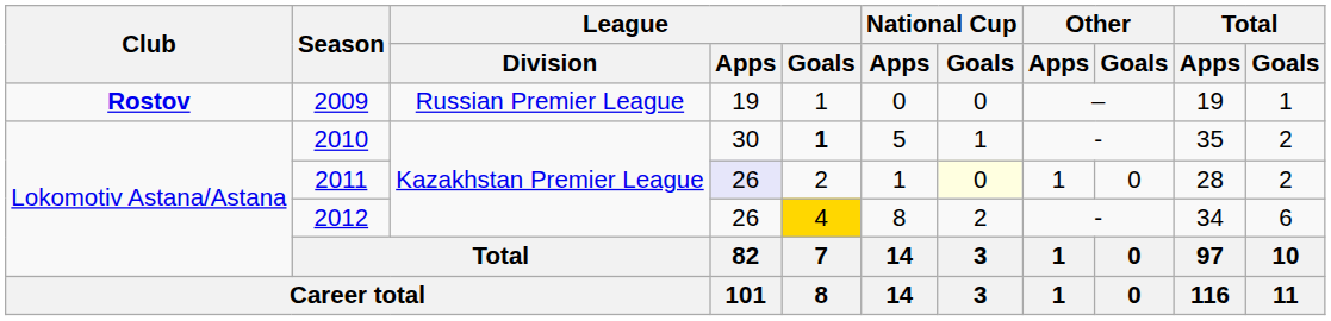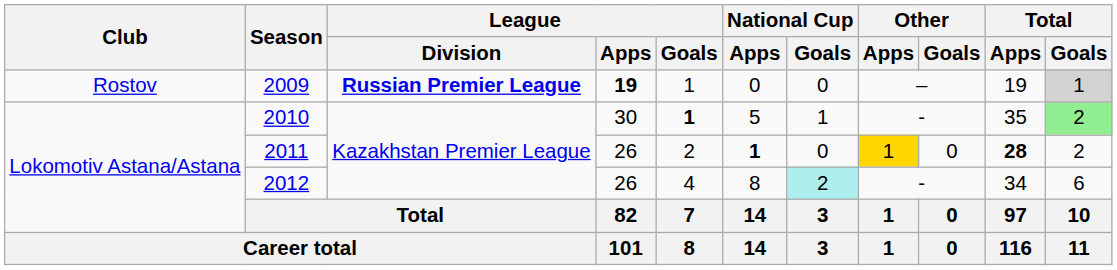 <table class="wikitable" style="text-align: center;">
 <tr>
 <th rowspan="2">Club</th>
 <th rowspan="2">Season</th>
 <th colspan="3">League</th>
 <th colspan="2">National Cup</th>
 <th colspan="2">Other</th>
 <th colspan="2">Total</th>
 </tr>
 <tr>
 <th>Division</th>
 <th>Apps</th>
 <th>Goals</th>
 <th>Apps</th>
 <th>Goals</th>
 <th>Apps</th>
 <th>Goals</th>
 <th>Apps</th>
 <th>Goals</th>
 </tr>
 <tr>
-<td><strong><a href='#'>Rostov</a></strong></td>
+<td><a href='#'>Rostov</a></td>
 <td><a href='#'>2009</a></td>
-<td><a href='#'>Russian Premier League</a></td>
-<td>19</td>
+<td><strong><a href='#'>Russian Premier League</a></strong></td>
+<td><strong>19</strong></td>
 <td>1</td>
 <td>0</td>
 <td>0</td>
 <td colspan="2">–</td>
 <td>19</td>
-<td>1</td>
+<td style="background: lightgrey;">1</td>
 </tr>
 <tr>
 <td rowspan="4"><a href='#'>Lokomotiv Astana/Astana</a></td>
 <td><a href='#'>2010</a></td>
 <td rowspan="3"><a href='#'>Kazakhstan Premier League</a></td>
 <td>30</td>
 <td><strong>1</strong></td>
 <td>5</td>
 <td>1</td>
 <td colspan="2">-</td>
 <td>35</td>
-<td>2</td>
+<td style="background: lightgreen;">2</td>
 </tr>
 <tr>
 <td><a href='#'>2011</a></td>
-<td style="background: lavender;">26</td>
+<td>26</td>
 <td>2</td>
-<td>1</td>
-<td style="background: lightyellow;">0</td>
-<td>1</td>
+<td><strong>1</strong></td>
 <td>0</td>
-<td>28</td>
+<td style="background: gold;">1</td>
+<td>0</td>
+<td><strong>28</strong></td>
 <td>2</td>
 </tr>
 <tr>
 <td><a href='#'>2012</a></td>
 <td>26</td>
-<td style="background: gold;">4</td>
+<td>4</td>
 <td>8</td>
-<td>2</td>
+<td style="background: paleturquoise;">2</td>
 <td colspan="2">-</td>
 <td>34</td>
 <td>6</td>
 </tr>
 <tr>
 <th colspan="2">Total</th>
 <th>82</th>
 <th>7</th>
 <th>14</th>
 <th>3</th>
 <th>1</th>
 <th>0</th>
 <th>97</th>
 <th>10</th>
 </tr>
 <tr>
 <th colspan="3">Career total</th>
 <th>101</th>
 <th>8</th>
 <th>14</th>
 <th>3</th>
 <th>1</th>
 <th>0</th>
 <th>116</th>
 <th>11</th>
 </tr>
 </table>
